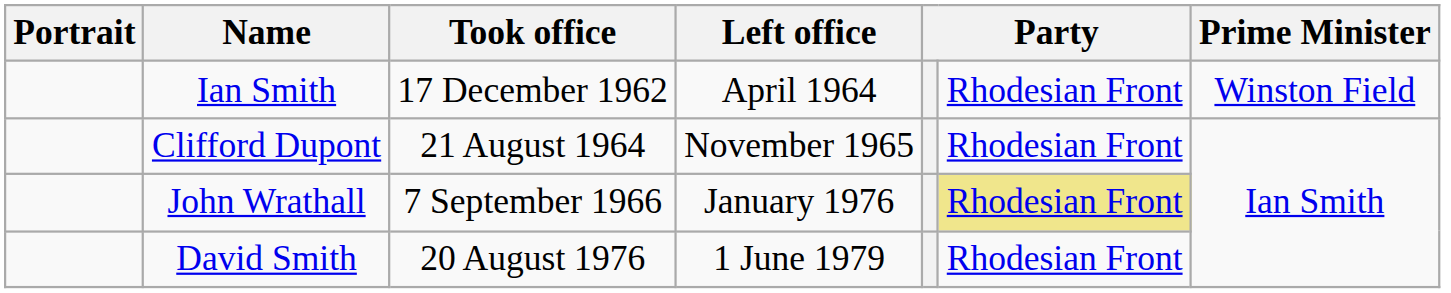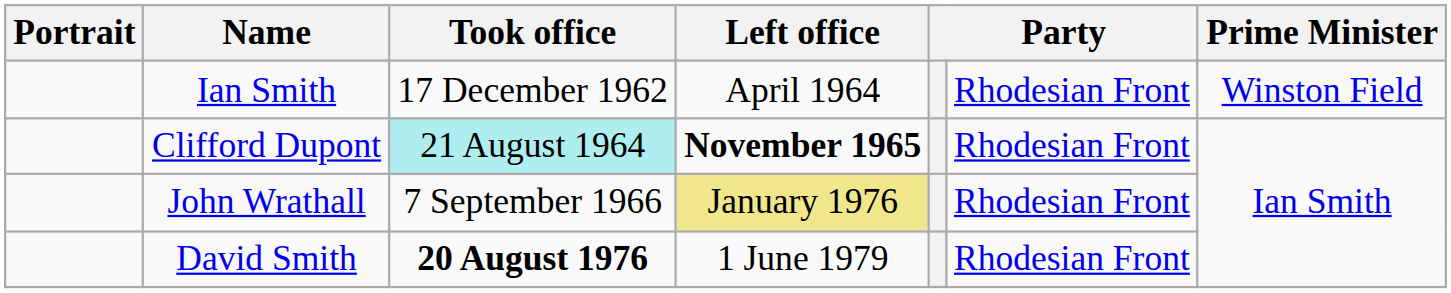 <table class="wikitable" style="text-align:center">
 <tr>
 <th>Portrait</th>
 <th>Name</th>
 <th>Took office</th>
 <th>Left office</th>
 <th colspan="2">Party</th>
 <th>Prime Minister</th>
 </tr>
 <tr>
 <td></td>
 <td><a href='#'>Ian Smith</a><br></td>
 <td>17 December 1962</td>
 <td>April 1964</td>
 <th style="background:"></th>
 <td><a href='#'>Rhodesian Front</a></td>
 <td><a href='#'>Winston Field</a></td>
 </tr>
 <tr>
 <td></td>
 <td><a href='#'>Clifford Dupont</a><br></td>
-<td>21 August 1964</td>
-<td>November 1965</td>
+<td style="background: paleturquoise;">21 August 1964</td>
+<td><strong>November 1965</strong></td>
 <th style="background:"></th>
 <td><a href='#'>Rhodesian Front</a></td>
 <td rowspan="3"><a href='#'>Ian Smith</a></td>
 </tr>
 <tr>
 <td></td>
 <td><a href='#'>John Wrathall</a><br></td>
 <td>7 September 1966</td>
-<td>January 1976</td>
+<td style="background: khaki;">January 1976</td>
 <th style="background:"></th>
-<td style="background: khaki;"><a href='#'>Rhodesian Front</a></td>
+<td><a href='#'>Rhodesian Front</a></td>
 </tr>
 <tr>
 <td></td>
 <td><a href='#'>David Smith</a><br></td>
-<td>20 August 1976</td>
+<td><strong>20 August 1976</strong></td>
 <td>1 June 1979</td>
 <th style="background:"></th>
 <td><a href='#'>Rhodesian Front</a></td>
 </tr>
 </table>
